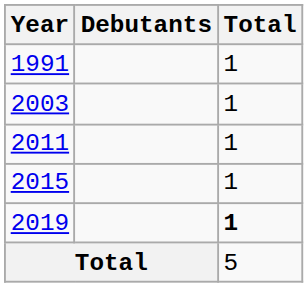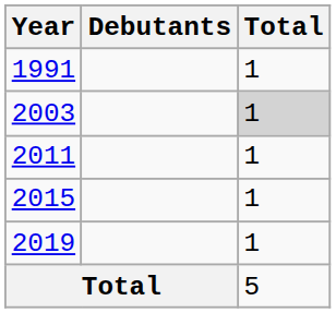 <table class="wikitable" style>
 <tr>
 <th>Year</th>
 <th>Debutants</th>
 <th>Total</th>
 </tr>
 <tr>
 <td><a href='#'>1991</a></td>
 <td></td>
 <td>1</td>
 </tr>
 <tr>
 <td><a href='#'>2003</a></td>
 <td></td>
-<td>1</td>
+<td style="background: lightgrey;">1</td>
 </tr>
 <tr>
 <td><a href='#'>2011</a></td>
 <td></td>
 <td>1</td>
 </tr>
 <tr>
 <td><a href='#'>2015</a></td>
 <td></td>
 <td>1</td>
 </tr>
 <tr>
 <td><a href='#'>2019</a></td>
 <td></td>
-<td><strong>1</strong></td>
+<td>1</td>
 </tr>
 <tr>
 <th colspan=2>Total</th>
 <td>5</td>
 </tr>
 </table>
